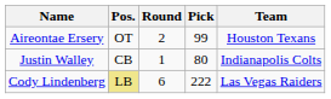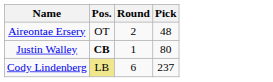 <table class="wikitable">
 <tr>
 <th style="text-align:center; ">Name</th>
 <th style="text-align:center; ">Pos.</th>
 <th style="text-align:center; ">Round</th>
 <th style="text-align:center; ">Pick</th>
-<th style="text-align:center; ">Team</th>
 </tr>
 <tr style="text-align:center">
 <td><a href='#'>Aireontae Ersery</a></td>
 <td>OT</td>
 <td>2</td>
-<td>99</td>
-<td><a href='#'>Houston Texans</a></td>
+<td>48</td>
 </tr>
 <tr style="text-align:center">
 <td><a href='#'>Justin Walley</a></td>
-<td>CB</td>
+<td><strong>CB</strong></td>
 <td>1</td>
 <td>80</td>
-<td><a href='#'>Indianapolis Colts</a></td>
 </tr>
 <tr style="text-align:center">
 <td><a href='#'>Cody Lindenberg</a></td>
 <td style="background: khaki;">LB</td>
 <td>6</td>
-<td>222</td>
-<td><a href='#'>Las Vegas Raiders</a></td>
+<td>237</td>
 </tr>
 </table>
